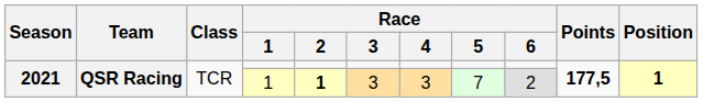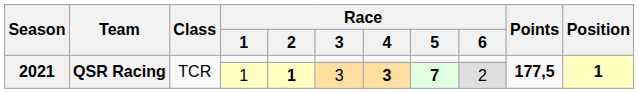 <table class="wikitable" style="text-align:center; font-size:85%;">
 <tr>
 <th rowspan="2">Season</th>
 <th rowspan="2">Team</th>
 <th rowspan="2">Class</th>
 <th colspan="6">Race</th>
 <th rowspan="2"><strong>Points</strong></th>
 <th rowspan="2"><strong>Position</strong></th>
 </tr>
 <tr>
 <th style="width:2.5em">1</th>
 <th style="width:2.5em">2</th>
 <th style="width:2.5em">3</th>
 <th style="width:2.5em">4</th>
 <th style="width:2.5em">5</th>
 <th style="width:2.5em">6</th>
 </tr>
 <tr>
 <th rowspan="2">2021</th>
 <th rowspan="2">QSR Racing</th>
 <td rowspan="2">TCR</td>
 <td></td>
 <td></td>
 <td></td>
 <td></td>
 <td></td>
 <td></td>
 <td rowspan="2"><strong>177,5</strong></td>
 <td rowspan="2" style="background:#FFFFBF;"><strong>1</strong></td>
 </tr>
 <tr>
 <td style="background:#FFFFBF;">1</td>
 <td style="background:#FFFFBF;"><strong>1</strong></td>
 <td style="background:#FFDF9F;">3</td>
-<td style="background:#FFDF9F;">3</td>
-<td style="background:#DFFFDF;">7</td>
+<td style="background:#FFDF9F;"><strong>3</strong></td>
+<td style="background:#DFFFDF;"><strong>7</strong></td>
 <td style="background:#DFDFDF;">2</td>
 </tr>
 </table>
